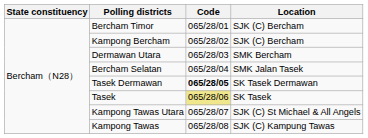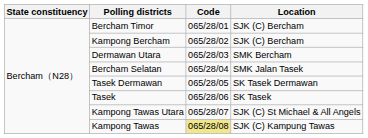 <table class="wikitable sortable mw-collapsible" style="white-space:nowrap;font-size:85%">
 <tr>
 <th>State constituency</th>
 <th>Polling districts</th>
 <th>Code</th>
 <th>Location</th>
 </tr>
 <tr>
 <td rowspan="8">Bercham（N28）</td>
 <td>Bercham Timor</td>
 <td>065/28/01</td>
 <td>SJK (C) Bercham</td>
 </tr>
 <tr>
 <td>Kampong Bercham</td>
 <td>065/28/02</td>
 <td>SJK (C) Bercham</td>
 </tr>
 <tr>
 <td>Dermawan Utara</td>
 <td>065/28/03</td>
 <td>SMK Bercham</td>
 </tr>
 <tr>
 <td>Bercham Selatan</td>
 <td>065/28/04</td>
 <td>SMK Jalan Tasek</td>
 </tr>
 <tr>
 <td>Tasek Dermawan</td>
-<td><strong>065/28/05</strong></td>
+<td>065/28/05</td>
 <td>SK Tasek Dermawan</td>
 </tr>
 <tr>
 <td>Tasek</td>
-<td style="background: khaki;">065/28/06</td>
+<td>065/28/06</td>
 <td>SK Tasek</td>
 </tr>
 <tr>
 <td>Kampong Tawas Utara</td>
 <td>065/28/07</td>
 <td>SJK (C) St Michael & All Angels</td>
 </tr>
 <tr>
 <td>Kampong Tawas</td>
-<td>065/28/08</td>
+<td style="background: khaki;">065/28/08</td>
 <td>SJK (C) Kampung Tawas</td>
 </tr>
 </table>
